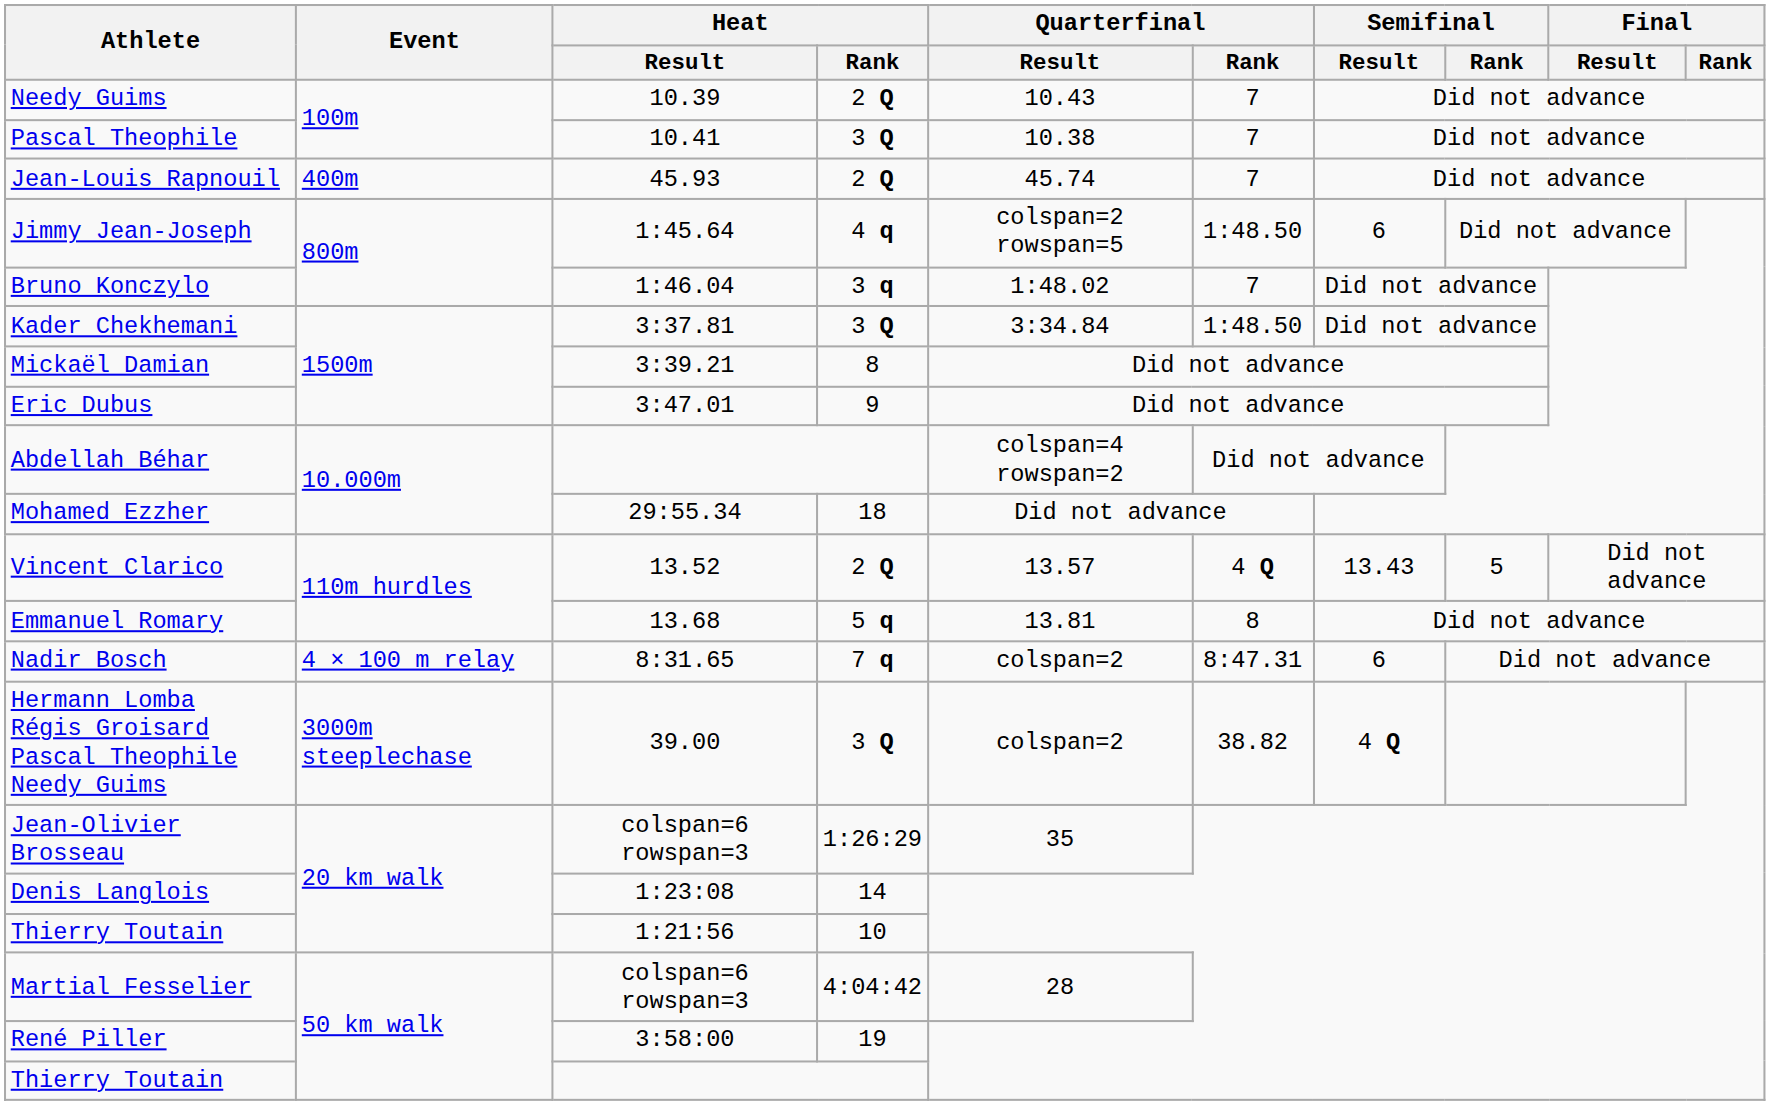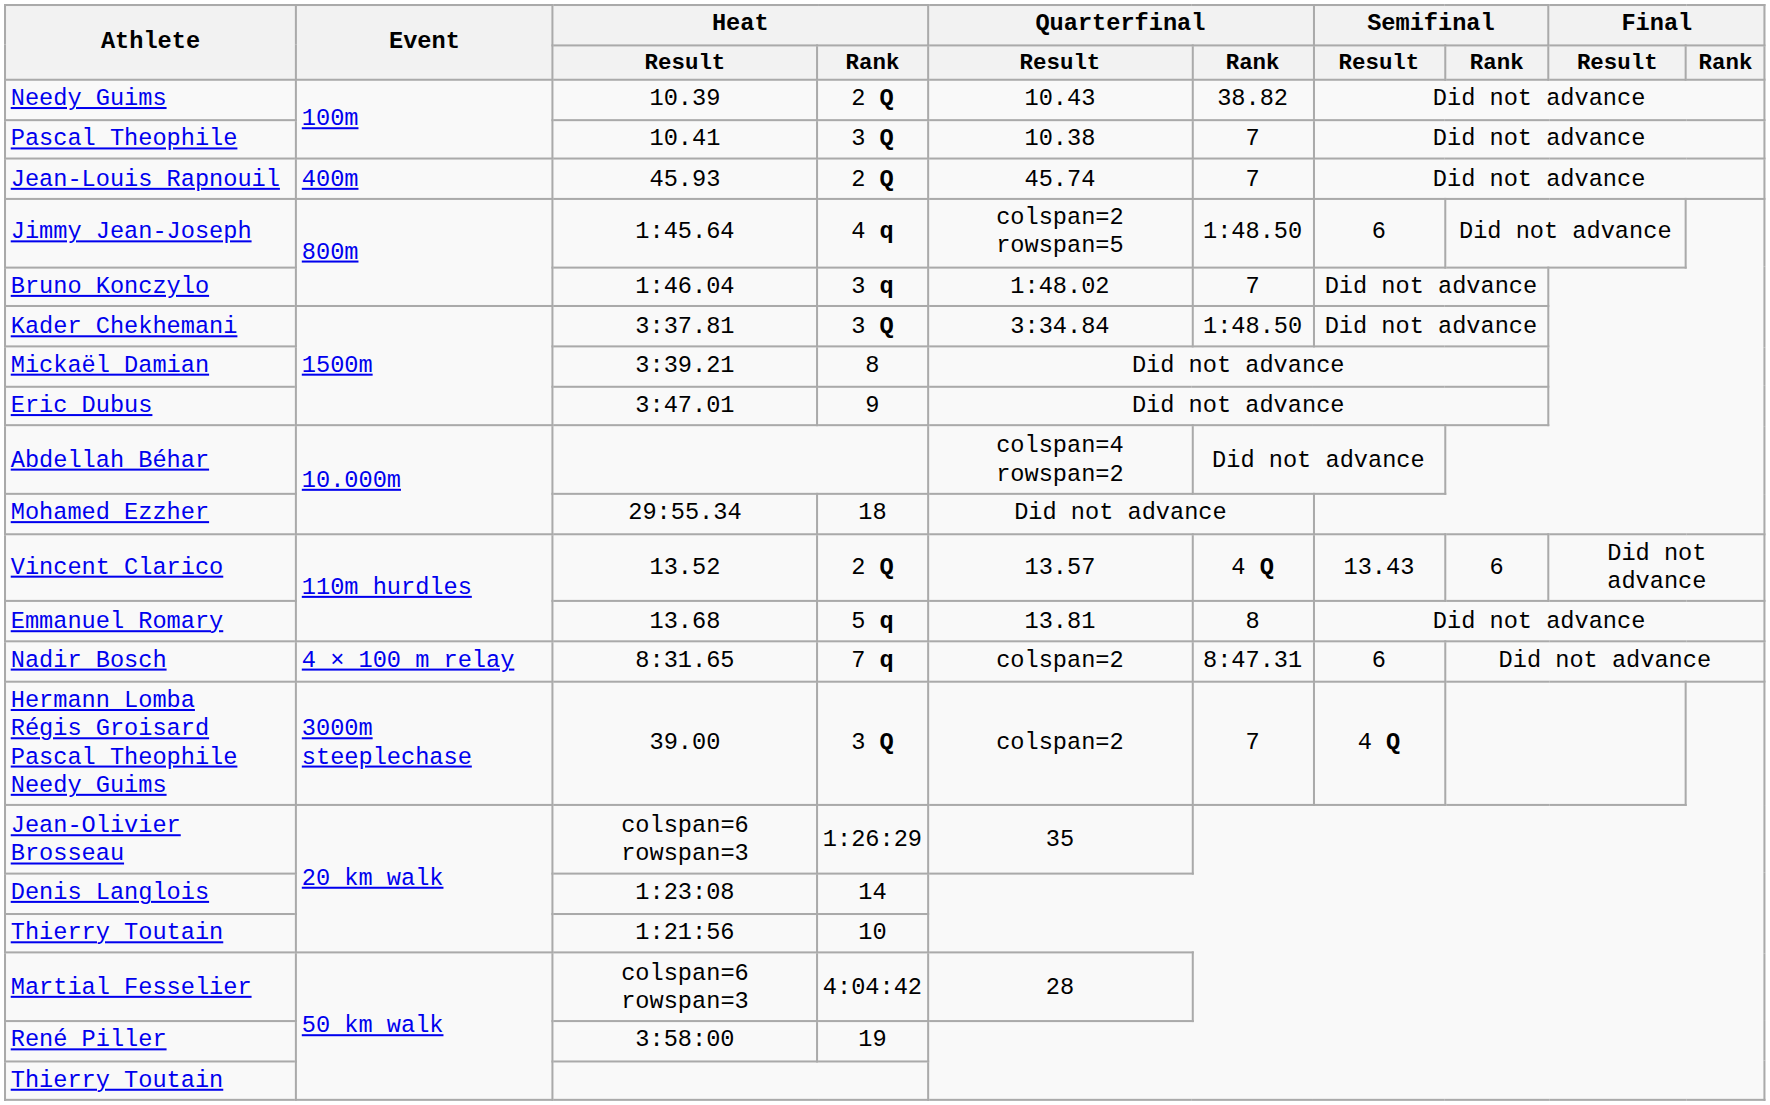 <table class=wikitable style="font-size:90%">
 <tr>
 <th rowspan="2">Athlete</th>
 <th rowspan="2">Event</th>
 <th colspan="2">Heat</th>
 <th colspan="2">Quarterfinal</th>
 <th colspan="2">Semifinal</th>
 <th colspan="2">Final</th>
 </tr>
 <tr style="font-size:95%">
 <th>Result</th>
 <th>Rank</th>
 <th>Result</th>
 <th>Rank</th>
 <th>Result</th>
 <th>Rank</th>
 <th>Result</th>
 <th>Rank</th>
 </tr>
 <tr align=center>
 <td align=left><a href='#'>Needy Guims</a></td>
 <td align=left rowspan=2><a href='#'>100m</a></td>
 <td>10.39</td>
 <td>2 <strong>Q</strong></td>
 <td>10.43</td>
-<td>7</td>
+<td>38.82</td>
 <td colspan=4>Did not advance</td>
 </tr>
 <tr align=center>
 <td align=left><a href='#'>Pascal Theophile</a></td>
 <td>10.41</td>
 <td>3 <strong>Q</strong></td>
 <td>10.38</td>
 <td>7</td>
 <td colspan=4>Did not advance</td>
 </tr>
 <tr align=center>
 <td align=left><a href='#'>Jean-Louis Rapnouil</a></td>
 <td align=left><a href='#'>400m</a></td>
 <td>45.93</td>
 <td>2 <strong>Q</strong></td>
 <td>45.74</td>
 <td>7</td>
 <td colspan=4>Did not advance</td>
 </tr>
 <tr align=center>
 <td align=left><a href='#'>Jimmy Jean-Joseph</a></td>
 <td align=left rowspan=2><a href='#'>800m</a></td>
 <td>1:45.64</td>
 <td>4 <strong>q</strong></td>
 <td>colspan=2 rowspan=5 </td>
 <td>1:48.50</td>
 <td>6</td>
 <td colspan=2>Did not advance</td>
 </tr>
 <tr align=center>
 <td align=left><a href='#'>Bruno Konczylo</a></td>
 <td>1:46.04</td>
 <td>3 <strong>q</strong></td>
 <td>1:48.02</td>
 <td>7</td>
 <td colspan=2>Did not advance</td>
 </tr>
 <tr align=center>
 <td align=left><a href='#'>Kader Chekhemani</a></td>
 <td align=left rowspan=3><a href='#'>1500m</a></td>
 <td>3:37.81</td>
 <td>3 <strong>Q</strong></td>
 <td>3:34.84</td>
 <td>1:48.50</td>
 <td colspan=2>Did not advance</td>
 </tr>
 <tr align=center>
 <td align=left><a href='#'>Mickaël Damian</a></td>
 <td>3:39.21</td>
 <td>8</td>
 <td colspan=4>Did not advance</td>
 </tr>
 <tr align=center>
 <td align=left><a href='#'>Eric Dubus</a></td>
 <td>3:47.01</td>
 <td>9</td>
 <td colspan=4>Did not advance</td>
 </tr>
 <tr align=center>
 <td align=left><a href='#'>Abdellah Béhar</a></td>
 <td align=left rowspan=2><a href='#'>10.000m</a></td>
 <td colspan=2></td>
 <td>colspan=4 rowspan=2 </td>
 <td colspan=2>Did not advance</td>
 </tr>
 <tr align=center>
 <td align=left><a href='#'>Mohamed Ezzher</a></td>
 <td>29:55.34</td>
 <td>18</td>
 <td colspan=2>Did not advance</td>
 </tr>
 <tr align=center>
 <td align=left><a href='#'>Vincent Clarico</a></td>
 <td align=left rowspan=2><a href='#'>110m hurdles</a></td>
 <td>13.52</td>
 <td>2 <strong>Q</strong></td>
 <td>13.57</td>
 <td>4 <strong>Q</strong></td>
 <td>13.43</td>
-<td>5</td>
+<td>6</td>
 <td colspan=2>Did not advance</td>
 </tr>
 <tr align=center>
 <td align=left><a href='#'>Emmanuel Romary</a></td>
 <td>13.68</td>
 <td>5 <strong>q</strong></td>
 <td>13.81</td>
 <td>8</td>
 <td colspan=4>Did not advance</td>
 </tr>
 <tr align=center>
 <td align=left><a href='#'>Nadir Bosch</a></td>
 <td align=left><a href='#'>4 × 100 m relay</a></td>
 <td>8:31.65</td>
 <td>7 <strong>q</strong></td>
 <td>colspan=2 </td>
 <td>8:47.31</td>
 <td>6</td>
 <td colspan=4>Did not advance</td>
 </tr>
 <tr align=center>
 <td align=left><a href='#'>Hermann Lomba</a><br><a href='#'>Régis Groisard</a><br><a href='#'>Pascal Theophile</a><br><a href='#'>Needy Guims</a></td>
 <td align=left><a href='#'>3000m steeplechase</a></td>
 <td>39.00</td>
 <td>3 <strong>Q</strong></td>
 <td>colspan=2 </td>
-<td>38.82</td>
+<td>7</td>
 <td>4 <strong>Q</strong></td>
 <td colspan=2></td>
 </tr>
 <tr align=center>
 <td align=left><a href='#'>Jean-Olivier Brosseau</a></td>
 <td align=left rowspan=3><a href='#'>20 km walk</a></td>
 <td>colspan=6 rowspan=3 </td>
 <td>1:26:29</td>
 <td>35</td>
 </tr>
 <tr align=center>
 <td align=left><a href='#'>Denis Langlois</a></td>
 <td>1:23:08</td>
 <td>14</td>
 </tr>
 <tr align=center>
 <td align=left><a href='#'>Thierry Toutain</a></td>
 <td>1:21:56</td>
 <td>10</td>
 </tr>
 <tr align=center>
 <td align=left><a href='#'>Martial Fesselier</a></td>
 <td align=left rowspan=3><a href='#'>50 km walk</a></td>
 <td>colspan=6 rowspan=3 </td>
 <td>4:04:42</td>
 <td>28</td>
 </tr>
 <tr align=center>
 <td align=left><a href='#'>René Piller</a></td>
 <td>3:58:00</td>
 <td>19</td>
 </tr>
 <tr align=center>
 <td align=left><a href='#'>Thierry Toutain</a></td>
 <td colspan=2></td>
 </tr>
 </table>
